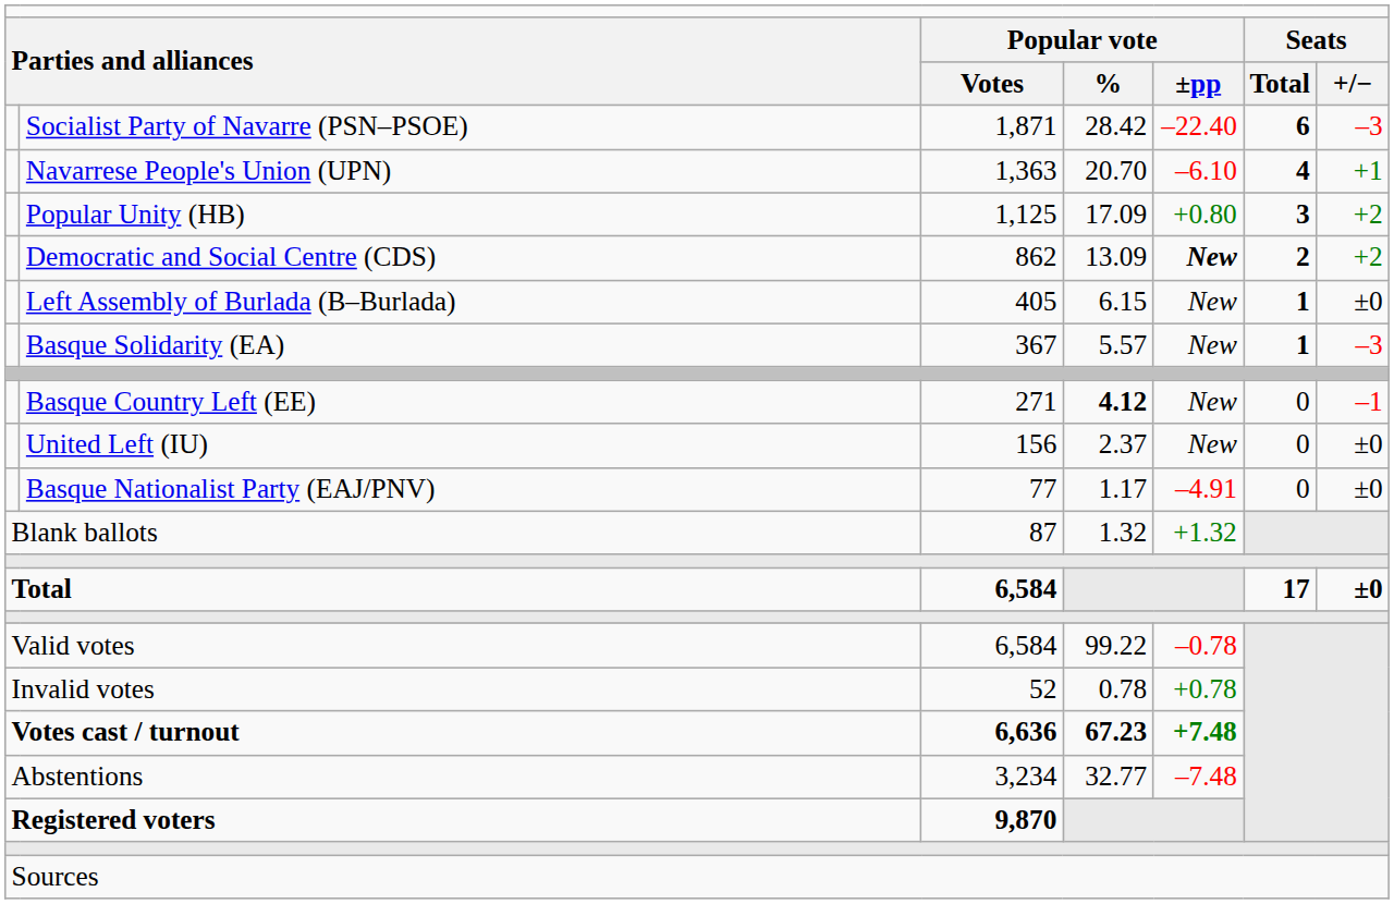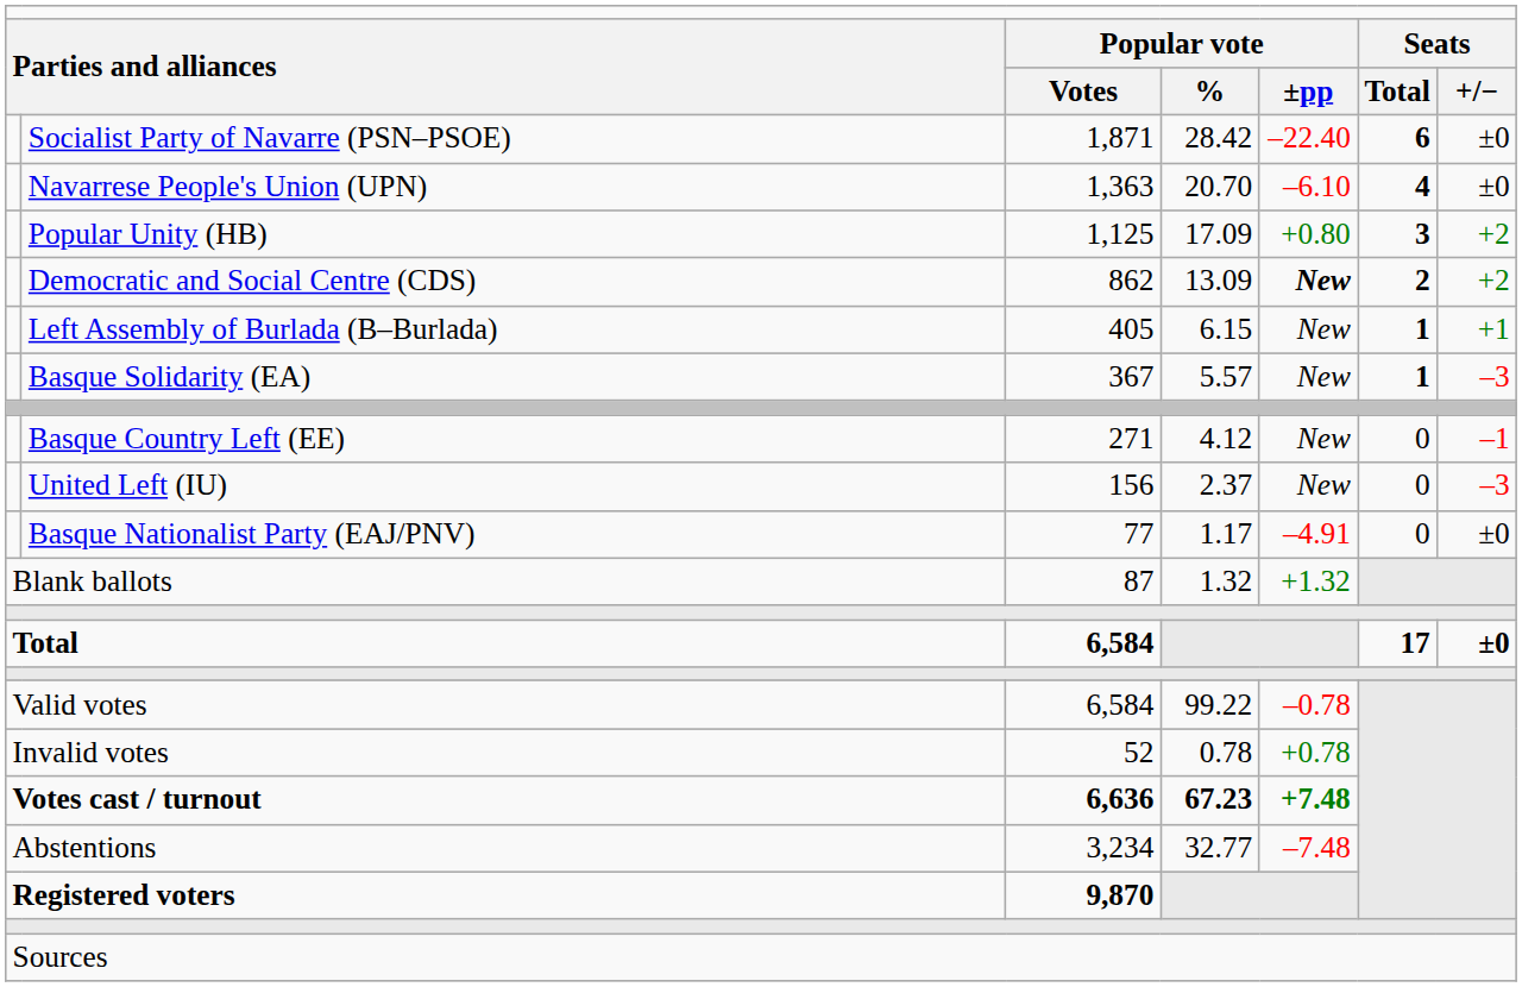 <table class="wikitable" style="text-align:right;">
 <tr>
 <td colspan="7"></td>
 </tr>
 <tr>
 <th style="text-align:left;" rowspan="2" colspan="2" width="525">Parties and alliances</th>
 <th colspan="3">Popular vote</th>
 <th colspan="2">Seats</th>
 </tr>
 <tr>
 <th width="75">Votes</th>
 <th width="45">%</th>
 <th width="45">±<a href='#'>pp</a></th>
 <th width="35">Total</th>
 <th width="35">+/−</th>
 </tr>
 <tr>
 <td width="1" style="color:inherit;background:"></td>
 <td align="left"><a href='#'>Socialist Party of Navarre</a> (PSN–PSOE)</td>
 <td>1,871</td>
 <td>28.42</td>
 <td style="color:red;">–22.40</td>
 <td><strong>6</strong></td>
-<td style="color:red;">–3</td>
+<td>±0</td>
 </tr>
 <tr>
 <td style="color:inherit;background:"></td>
 <td align="left"><a href='#'>Navarrese People's Union</a> (UPN)</td>
 <td>1,363</td>
 <td>20.70</td>
 <td style="color:red;">–6.10</td>
 <td><strong>4</strong></td>
-<td style="color:green;">+1</td>
+<td>±0</td>
 </tr>
 <tr>
 <td style="color:inherit;background:"></td>
 <td align="left"><a href='#'>Popular Unity</a> (HB)</td>
 <td>1,125</td>
 <td>17.09</td>
 <td style="color:green;">+0.80</td>
 <td><strong>3</strong></td>
 <td style="color:green;">+2</td>
 </tr>
 <tr>
 <td style="color:inherit;background:"></td>
 <td align="left"><a href='#'>Democratic and Social Centre</a> (CDS)</td>
 <td>862</td>
 <td>13.09</td>
 <td><strong><em>New</em></strong></td>
 <td><strong>2</strong></td>
 <td style="color:green;">+2</td>
 </tr>
 <tr>
 <td style="color:inherit;background:"></td>
 <td align="left"><a href='#'>Left Assembly of Burlada</a> (B–Burlada)</td>
 <td>405</td>
 <td>6.15</td>
 <td><em>New</em></td>
 <td><strong>1</strong></td>
-<td>±0</td>
+<td style="color:green;">+1</td>
 </tr>
 <tr>
 <td style="color:inherit;background:"></td>
 <td align="left"><a href='#'>Basque Solidarity</a> (EA)</td>
 <td>367</td>
 <td>5.57</td>
 <td><em>New</em></td>
 <td><strong>1</strong></td>
 <td style="color:red;">–3</td>
 </tr>
 <tr>
 <td colspan="7" bgcolor="#C0C0C0"></td>
 </tr>
 <tr>
 <td style="color:inherit;background:"></td>
 <td align="left"><a href='#'>Basque Country Left</a> (EE)</td>
 <td>271</td>
-<td><strong>4.12</strong></td>
+<td>4.12</td>
 <td><em>New</em></td>
 <td>0</td>
 <td style="color:red;">–1</td>
 </tr>
 <tr>
 <td style="color:inherit;background:"></td>
 <td align="left"><a href='#'>United Left</a> (IU)</td>
 <td>156</td>
 <td>2.37</td>
 <td><em>New</em></td>
 <td>0</td>
-<td>±0</td>
+<td style="color:red;">–3</td>
 </tr>
 <tr>
 <td style="color:inherit;background:"></td>
 <td align="left"><a href='#'>Basque Nationalist Party</a> (EAJ/PNV)</td>
 <td>77</td>
 <td>1.17</td>
 <td style="color:red;">–4.91</td>
 <td>0</td>
 <td>±0</td>
 </tr>
 <tr>
 <td align="left" colspan="2">Blank ballots</td>
 <td>87</td>
 <td>1.32</td>
 <td style="color:green;">+1.32</td>
 <td bgcolor="#E9E9E9" colspan="2"></td>
 </tr>
 <tr>
 <td colspan="7" bgcolor="#E9E9E9"></td>
 </tr>
 <tr style="font-weight:bold;">
 <td align="left" colspan="2">Total</td>
 <td>6,584</td>
 <td bgcolor="#E9E9E9" colspan="2"></td>
 <td>17</td>
 <td>±0</td>
 </tr>
 <tr>
 <td colspan="7" bgcolor="#E9E9E9"></td>
 </tr>
 <tr>
 <td align="left" colspan="2">Valid votes</td>
 <td>6,584</td>
 <td>99.22</td>
 <td style="color:red;">–0.78</td>
 <td bgcolor="#E9E9E9" colspan="2" rowspan="5"></td>
 </tr>
 <tr>
 <td align="left" colspan="2">Invalid votes</td>
 <td>52</td>
 <td>0.78</td>
 <td style="color:green;">+0.78</td>
 </tr>
 <tr style="font-weight:bold;">
 <td align="left" colspan="2">Votes cast / turnout</td>
 <td>6,636</td>
 <td>67.23</td>
 <td style="color:green;">+7.48</td>
 </tr>
 <tr>
 <td align="left" colspan="2">Abstentions</td>
 <td>3,234</td>
 <td>32.77</td>
 <td style="color:red;">–7.48</td>
 </tr>
 <tr style="font-weight:bold;">
 <td align="left" colspan="2">Registered voters</td>
 <td>9,870</td>
 <td bgcolor="#E9E9E9" colspan="2"></td>
 </tr>
 <tr>
 <td colspan="7" bgcolor="#E9E9E9"></td>
 </tr>
 <tr>
 <td align="left" colspan="7">Sources</td>
 </tr>
 </table>
